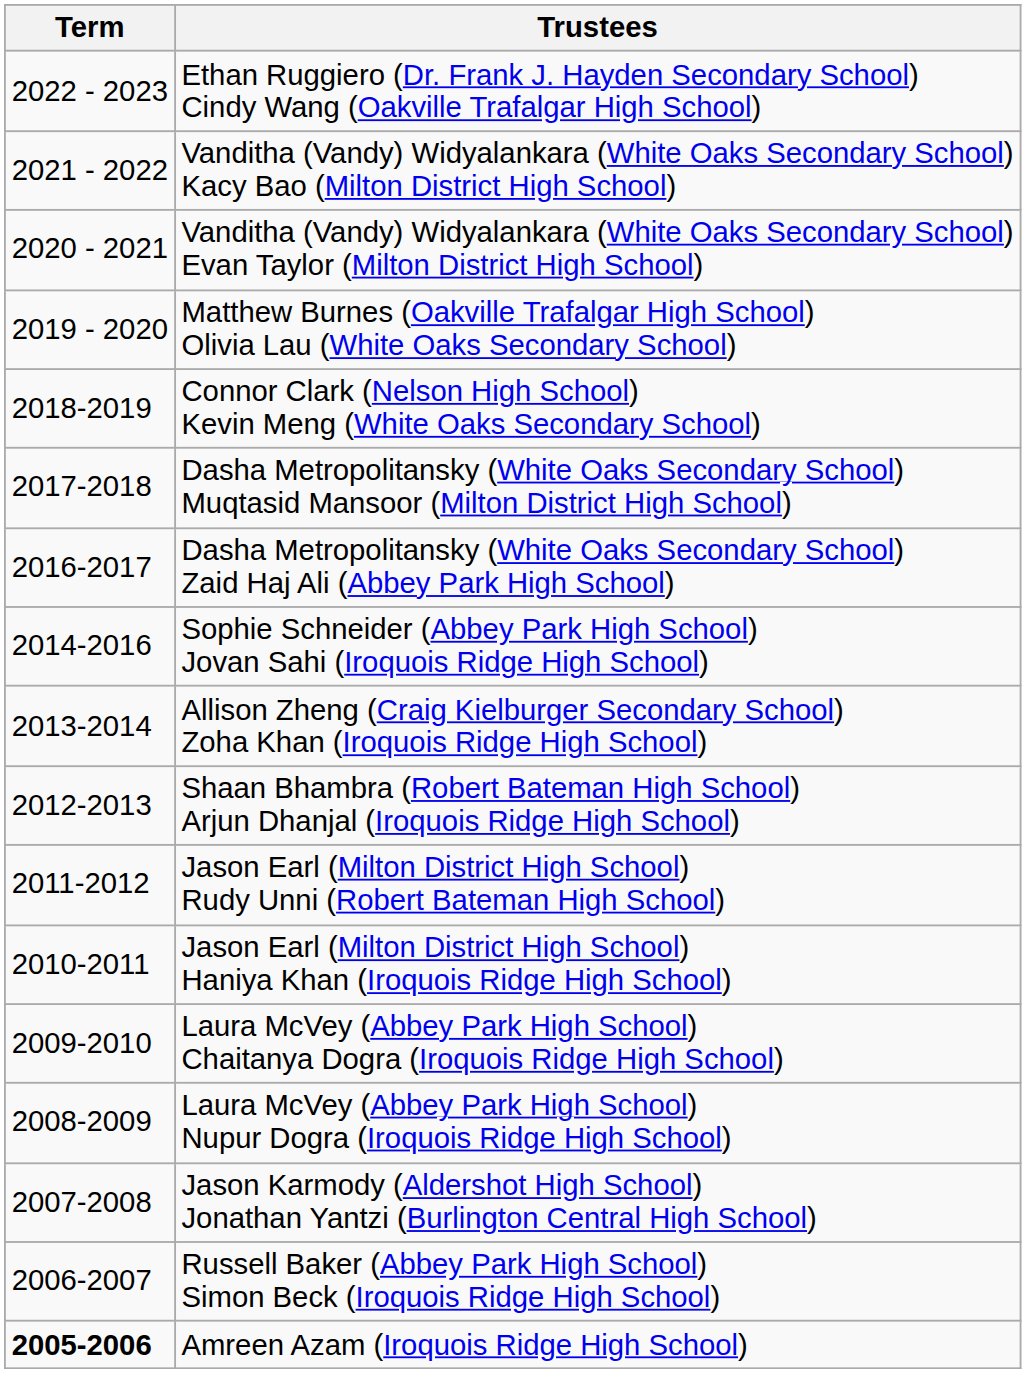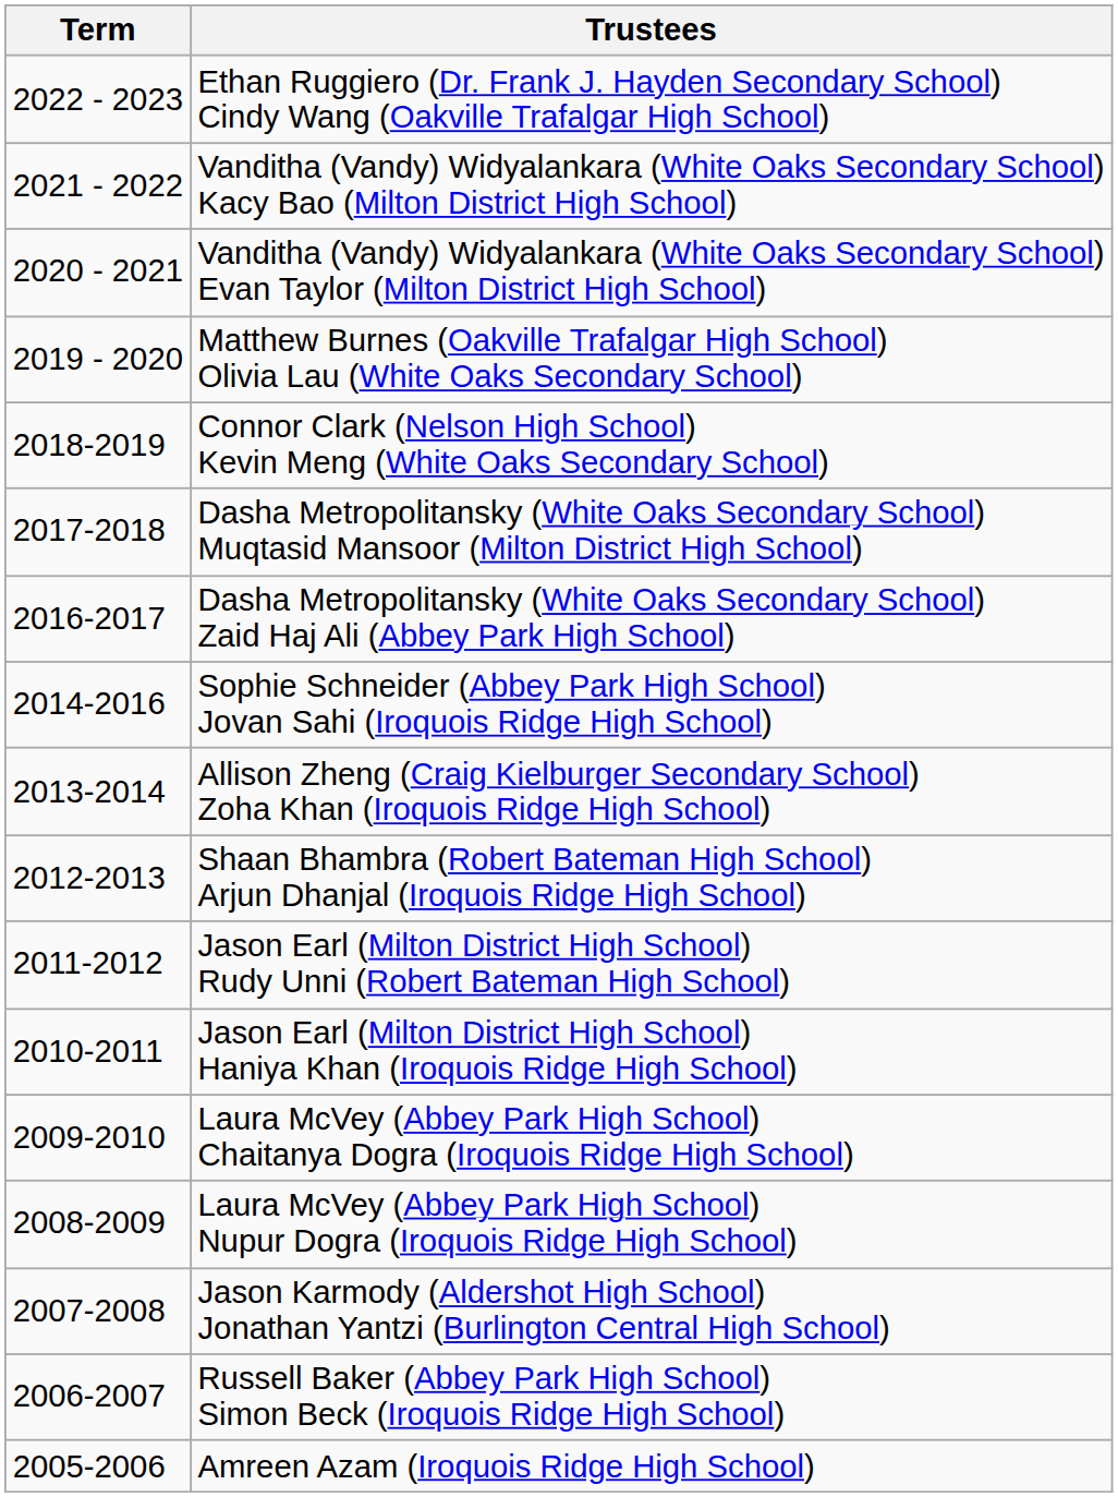 <table class="wikitable">
 <tr>
 <th>Term</th>
 <th>Trustees</th>
 </tr>
 <tr>
 <td>2022 - 2023</td>
 <td>Ethan Ruggiero (<a href='#'>Dr. Frank J. Hayden Secondary School</a>)<br>Cindy Wang (<a href='#'>Oakville Trafalgar High School</a>)</td>
 </tr>
 <tr>
 <td>2021 - 2022</td>
 <td>Vanditha (Vandy) Widyalankara (<a href='#'>White Oaks Secondary School</a>)<br>Kacy Bao (<a href='#'>Milton District High School</a>)</td>
 </tr>
 <tr>
 <td>2020 - 2021</td>
 <td>Vanditha (Vandy) Widyalankara (<a href='#'>White Oaks Secondary School</a>)<br>Evan Taylor (<a href='#'>Milton District High School</a>)</td>
 </tr>
 <tr>
 <td>2019 - 2020</td>
 <td>Matthew Burnes (<a href='#'>Oakville Trafalgar High School</a>)<br>Olivia Lau (<a href='#'>White Oaks Secondary School</a>)</td>
 </tr>
 <tr>
 <td>2018-2019</td>
 <td>Connor Clark (<a href='#'>Nelson High School</a>)<br>Kevin Meng (<a href='#'>White Oaks Secondary School</a>)</td>
 </tr>
 <tr>
 <td>2017-2018</td>
 <td>Dasha Metropolitansky (<a href='#'>White Oaks Secondary School</a>)<br>Muqtasid Mansoor (<a href='#'>Milton District High School</a>)</td>
 </tr>
 <tr>
 <td>2016-2017</td>
 <td>Dasha Metropolitansky (<a href='#'>White Oaks Secondary School</a>)<br>Zaid Haj Ali (<a href='#'>Abbey Park High School</a>)</td>
 </tr>
 <tr>
 <td>2014-2016</td>
 <td>Sophie Schneider (<a href='#'>Abbey Park High School</a>)<br>Jovan Sahi (<a href='#'>Iroquois Ridge High School</a>)</td>
 </tr>
 <tr>
 <td>2013-2014</td>
 <td>Allison Zheng (<a href='#'>Craig Kielburger Secondary School</a>)<br>Zoha Khan (<a href='#'>Iroquois Ridge High School</a>)</td>
 </tr>
 <tr>
 <td>2012-2013</td>
 <td>Shaan Bhambra (<a href='#'>Robert Bateman High School</a>)<br>Arjun Dhanjal (<a href='#'>Iroquois Ridge High School</a>)</td>
 </tr>
 <tr>
 <td>2011-2012</td>
 <td>Jason Earl (<a href='#'>Milton District High School</a>)<br>Rudy Unni (<a href='#'>Robert Bateman High School</a>)</td>
 </tr>
 <tr>
 <td>2010-2011</td>
 <td>Jason Earl (<a href='#'>Milton District High School</a>)<br>Haniya Khan (<a href='#'>Iroquois Ridge High School</a>)</td>
 </tr>
 <tr>
 <td>2009-2010</td>
 <td>Laura McVey (<a href='#'>Abbey Park High School</a>)<br>Chaitanya Dogra (<a href='#'>Iroquois Ridge High School</a>)</td>
 </tr>
 <tr>
 <td>2008-2009</td>
 <td>Laura McVey (<a href='#'>Abbey Park High School</a>)<br>Nupur Dogra (<a href='#'>Iroquois Ridge High School</a>)</td>
 </tr>
 <tr>
 <td>2007-2008</td>
 <td>Jason Karmody (<a href='#'>Aldershot High School</a>)<br>Jonathan Yantzi (<a href='#'>Burlington Central High School</a>)</td>
 </tr>
 <tr>
 <td>2006-2007</td>
 <td>Russell Baker (<a href='#'>Abbey Park High School</a>)<br>Simon Beck (<a href='#'>Iroquois Ridge High School</a>)</td>
 </tr>
 <tr>
-<td><strong>2005-2006</strong></td>
+<td>2005-2006</td>
 <td>Amreen Azam (<a href='#'>Iroquois Ridge High School</a>)</td>
 </tr>
 </table>
